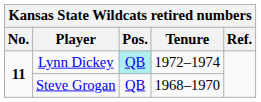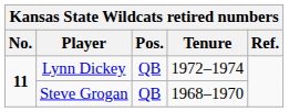 <table class="wikitable" style="text-align:center">
 <tr>
 <th colspan=5 style =><strong>Kansas State Wildcats retired numbers</strong></th>
 </tr>
 <tr>
 <th style = >No.</th>
 <th style = >Player</th>
 <th style = >Pos.</th>
 <th style = >Tenure</th>
 <th style = >Ref.</th>
 </tr>
 <tr>
 <td rowspan="2"><strong>11</strong></td>
 <td><a href='#'>Lynn Dickey</a></td>
-<td style="background: paleturquoise;"><a href='#'>QB</a></td>
+<td><a href='#'>QB</a></td>
 <td>1972–1974</td>
 <td rowspan="2"></td>
 </tr>
 <tr>
 <td><a href='#'>Steve Grogan</a></td>
 <td><a href='#'>QB</a></td>
 <td>1968–1970</td>
 </tr>
 </table>
